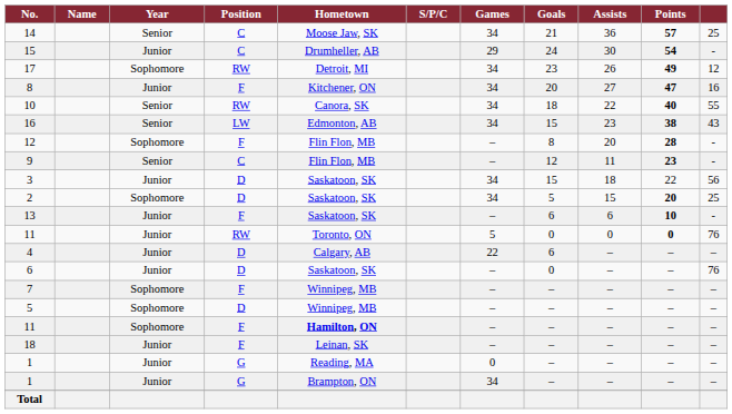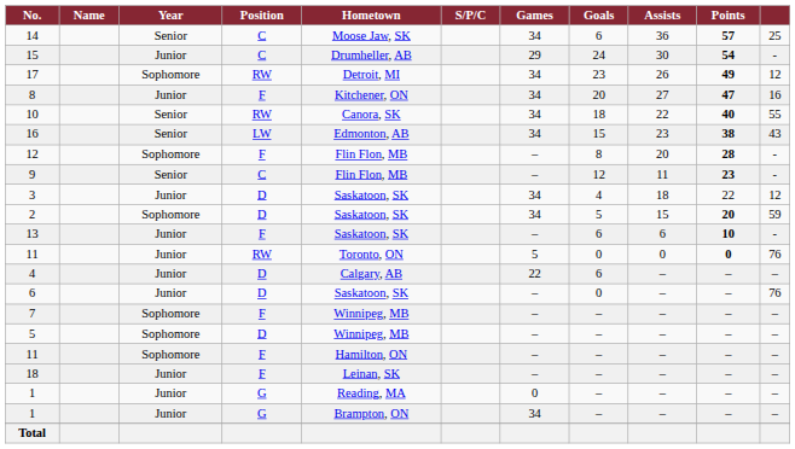 <table class="wikitable sortable" width ="1000">
 <tr align="center">
 <th style="color:white; background:#862633; ">No.</th>
 <th style="color:white; background:#862633; ">Name</th>
 <th style="color:white; background:#862633; ">Year</th>
 <th style="color:white; background:#862633; ">Position</th>
 <th style="color:white; background:#862633; ">Hometown</th>
 <th style="color:white; background:#862633; ">S/P/C</th>
 <th style="color:white; background:#862633; ">Games</th>
 <th style="color:white; background:#862633; ">Goals</th>
 <th style="color:white; background:#862633; ">Assists</th>
 <th style="color:white; background:#862633; ">Points</th>
 <th style="color:white; background:#862633; "><a href='#'></a></th>
 </tr>
 <tr align="center" bgcolor="">
 <td>14</td>
 <td></td>
 <td>Senior</td>
 <td><a href='#'>C</a></td>
 <td><a href='#'>Moose Jaw</a>, <a href='#'>SK</a></td>
 <td></td>
 <td>34</td>
-<td>21</td>
+<td>6</td>
 <td>36</td>
 <td><strong>57</strong></td>
 <td>25</td>
 </tr>
 <tr align="center" bgcolor="#f0f0f0">
 <td>15</td>
 <td></td>
 <td>Junior</td>
 <td><a href='#'>C</a></td>
 <td><a href='#'>Drumheller</a>, <a href='#'>AB</a></td>
 <td></td>
 <td>29</td>
 <td>24</td>
 <td>30</td>
 <td><strong>54</strong></td>
 <td>-</td>
 </tr>
 <tr align="center">
 <td>17</td>
 <td></td>
 <td>Sophomore</td>
 <td><a href='#'>RW</a></td>
 <td><a href='#'>Detroit</a>, <a href='#'>MI</a></td>
 <td></td>
 <td>34</td>
 <td>23</td>
 <td>26</td>
 <td><strong>49</strong></td>
 <td>12</td>
 </tr>
 <tr align="center" bgcolor="#f0f0f0">
 <td>8</td>
 <td></td>
 <td>Junior</td>
 <td><a href='#'>F</a></td>
 <td><a href='#'>Kitchener</a>, <a href='#'>ON</a></td>
 <td></td>
 <td>34</td>
 <td>20</td>
 <td>27</td>
 <td><strong>47</strong></td>
 <td>16</td>
 </tr>
 <tr align="center">
 <td>10</td>
 <td></td>
 <td>Senior</td>
 <td><a href='#'>RW</a></td>
 <td><a href='#'>Canora</a>, <a href='#'>SK</a></td>
 <td></td>
 <td>34</td>
 <td>18</td>
 <td>22</td>
 <td><strong>40</strong></td>
 <td>55</td>
 </tr>
 <tr align="center" bgcolor="#f0f0f0">
 <td>16</td>
 <td></td>
 <td>Senior</td>
 <td><a href='#'>LW</a></td>
 <td><a href='#'>Edmonton</a>, <a href='#'>AB</a></td>
 <td></td>
 <td>34</td>
 <td>15</td>
 <td>23</td>
 <td><strong>38</strong></td>
 <td>43</td>
 </tr>
 <tr align="center">
 <td>12</td>
 <td></td>
 <td>Sophomore</td>
 <td><a href='#'>F</a></td>
 <td><a href='#'>Flin Flon</a>, <a href='#'>MB</a></td>
 <td></td>
 <td>–</td>
 <td>8</td>
 <td>20</td>
 <td><strong>28</strong></td>
 <td>-</td>
 </tr>
 <tr align="center" bgcolor="#f0f0f0">
 <td>9</td>
 <td></td>
 <td>Senior</td>
 <td><a href='#'>C</a></td>
 <td><a href='#'>Flin Flon</a>, <a href='#'>MB</a></td>
 <td></td>
 <td>–</td>
 <td>12</td>
 <td>11</td>
 <td><strong>23</strong></td>
 <td>-</td>
 </tr>
 <tr align="center">
 <td>3</td>
 <td></td>
 <td>Junior</td>
 <td><a href='#'>D</a></td>
 <td><a href='#'>Saskatoon</a>, <a href='#'>SK</a></td>
 <td></td>
 <td>34</td>
-<td>15</td>
+<td>4</td>
 <td>18</td>
 <td>22</td>
-<td>56</td>
+<td>12</td>
 </tr>
 <tr align="center">
 <td>2</td>
 <td></td>
 <td>Sophomore</td>
 <td><a href='#'>D</a></td>
 <td><a href='#'>Saskatoon</a>, <a href='#'>SK</a></td>
 <td></td>
 <td>34</td>
 <td>5</td>
 <td>15</td>
 <td><strong>20</strong></td>
-<td>25</td>
+<td>59</td>
 </tr>
 <tr align="center" bgcolor="#f0f0f0">
 <td>13</td>
 <td></td>
 <td>Junior</td>
 <td><a href='#'>F</a></td>
 <td><a href='#'>Saskatoon</a>, <a href='#'>SK</a></td>
 <td></td>
 <td>–</td>
 <td>6</td>
 <td>6</td>
 <td><strong>10</strong></td>
 <td>-</td>
 </tr>
 <tr align="center">
 <td>11</td>
 <td></td>
 <td>Junior</td>
 <td><a href='#'>RW</a></td>
 <td><a href='#'>Toronto</a>, <a href='#'>ON</a></td>
 <td></td>
 <td>5</td>
 <td>0</td>
 <td>0</td>
 <td><strong>0</strong></td>
 <td>76</td>
 </tr>
 <tr align="center" bgcolor="#f0f0f0">
 <td>4</td>
 <td></td>
 <td>Junior</td>
 <td><a href='#'>D</a></td>
 <td><a href='#'>Calgary</a>, <a href='#'>AB</a></td>
 <td></td>
 <td>22</td>
 <td>6</td>
 <td>–</td>
 <td>–</td>
 <td>–</td>
 </tr>
 <tr align="center">
 <td>6</td>
 <td></td>
 <td>Junior</td>
 <td><a href='#'>D</a></td>
 <td><a href='#'>Saskatoon</a>, <a href='#'>SK</a></td>
 <td></td>
 <td>–</td>
 <td>0</td>
 <td>–</td>
 <td>–</td>
 <td>76</td>
 </tr>
 <tr align="center" bgcolor="#f0f0f0">
 <td>7</td>
 <td></td>
 <td>Sophomore</td>
 <td><a href='#'>F</a></td>
 <td><a href='#'>Winnipeg</a>, <a href='#'>MB</a></td>
 <td></td>
 <td>–</td>
 <td>–</td>
 <td>–</td>
 <td>–</td>
 <td>–</td>
 </tr>
 <tr align="center">
 <td>5</td>
 <td></td>
 <td>Sophomore</td>
 <td><a href='#'>D</a></td>
 <td><a href='#'>Winnipeg</a>, <a href='#'>MB</a></td>
 <td></td>
 <td>–</td>
 <td>–</td>
 <td>–</td>
 <td>–</td>
 <td>–</td>
 </tr>
 <tr align="center" bgcolor="#f0f0f0">
 <td>11</td>
 <td></td>
 <td>Sophomore</td>
 <td><a href='#'>F</a></td>
-<td><strong><a href='#'>Hamilton</a>, <a href='#'>ON</a></strong></td>
+<td><a href='#'>Hamilton</a>, <a href='#'>ON</a></td>
 <td></td>
 <td>–</td>
 <td>–</td>
 <td>–</td>
 <td>–</td>
 <td>–</td>
 </tr>
 <tr align="center" bgcolor="#f0f0f0">
 <td>18</td>
 <td></td>
 <td>Junior</td>
 <td><a href='#'>F</a></td>
 <td><a href='#'>Leinan</a>, <a href='#'>SK</a></td>
 <td></td>
 <td>–</td>
 <td>–</td>
 <td>–</td>
 <td>–</td>
 <td>–</td>
 </tr>
 <tr align="center">
 <td>1</td>
 <td></td>
 <td>Junior</td>
 <td><a href='#'>G</a></td>
 <td><a href='#'>Reading</a>, <a href='#'>MA</a></td>
 <td></td>
 <td>0</td>
 <td>–</td>
 <td>–</td>
 <td>–</td>
 <td>–</td>
 </tr>
 <tr align="center" bgcolor="#f0f0f0">
 <td>1</td>
 <td></td>
 <td>Junior</td>
 <td><a href='#'>G</a></td>
 <td><a href='#'>Brampton</a>, <a href='#'>ON</a></td>
 <td></td>
 <td>34</td>
 <td>–</td>
 <td>–</td>
 <td>–</td>
 <td>–</td>
 </tr>
 <tr align="center">
 </tr>
 <tr>
 <th>Total</th>
 <th></th>
 <th></th>
 <th></th>
 <th></th>
 <th></th>
 <th></th>
 <th></th>
 <th></th>
 <th></th>
 <th></th>
 </tr>
 </table>
